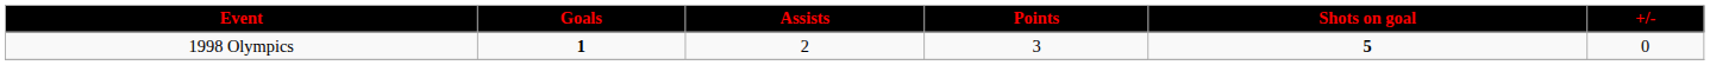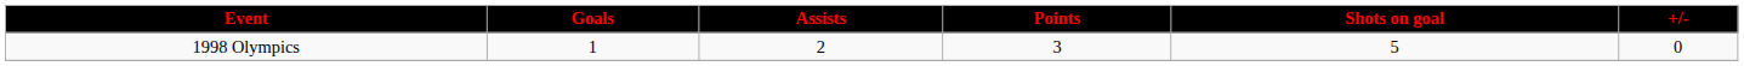 <table class="wikitable" width="80%">
 <tr align="center"  style=" background:black;color:red">
 <td><strong>Event</strong></td>
 <td><strong>Goals</strong></td>
 <td><strong>Assists</strong></td>
 <td><strong>Points</strong></td>
 <td><strong>Shots on goal</strong></td>
 <td><strong>+/-</strong></td>
 </tr>
 <tr align="center" bgcolor="">
 <td>1998 Olympics</td>
-<td><strong>1</strong></td>
+<td>1</td>
 <td>2</td>
 <td>3</td>
-<td><strong>5</strong></td>
+<td>5</td>
 <td>0</td>
 </tr>
 <tr align="center" bgcolor="">
 </tr>
 </table>
